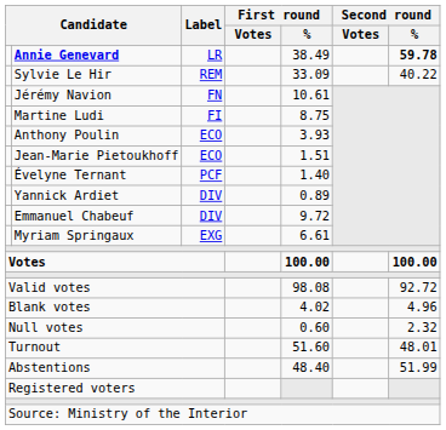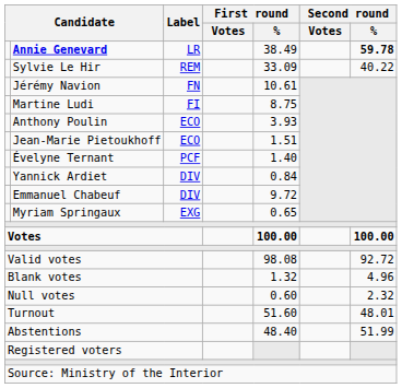 <table class="wikitable" style="text-align:right;font-size:95%;">
 <tr>
 <th rowspan="2" colspan="2">Candidate</th>
 <th rowspan="2">Label</th>
 <th colspan="2">First round</th>
 <th colspan="2">Second round</th>
 </tr>
 <tr>
 <th style="width:50px;">Votes</th>
 <th style="width:45px;">%</th>
 <th style="width:50px;">Votes</th>
 <th style="width:45px;">%</th>
 </tr>
 <tr>
 <td style="color:inherit;background:"></td>
 <td style="text-align:left;"><strong><a href='#'>Annie Genevard</a></strong></td>
 <td><a href='#'>LR</a></td>
 <td></td>
 <td>38.49</td>
 <td><strong></strong></td>
 <td><strong>59.78</strong></td>
 </tr>
 <tr>
 <td style="color:inherit;background:"></td>
 <td style="text-align:left;">Sylvie Le Hir</td>
 <td><a href='#'>REM</a></td>
 <td></td>
 <td>33.09</td>
 <td></td>
 <td>40.22</td>
 </tr>
 <tr>
 <td style="color:inherit;background:"></td>
 <td style="text-align:left;">Jérémy Navion</td>
 <td><a href='#'>FN</a></td>
 <td></td>
 <td>10.61</td>
 <td colspan="2" rowspan="8" style="background:#E9E9E9;"></td>
 </tr>
 <tr>
 <td style="color:inherit;background:"></td>
 <td style="text-align:left;">Martine Ludi</td>
 <td><a href='#'>FI</a></td>
 <td></td>
 <td>8.75</td>
 </tr>
 <tr>
 <td style="color:inherit;background:"></td>
 <td style="text-align:left;">Anthony Poulin</td>
 <td><a href='#'>ECO</a></td>
 <td></td>
 <td>3.93</td>
 </tr>
 <tr>
 <td style="color:inherit;background:"></td>
 <td style="text-align:left;">Jean-Marie Pietoukhoff</td>
 <td><a href='#'>ECO</a></td>
 <td></td>
 <td>1.51</td>
 </tr>
 <tr>
 <td style="color:inherit;background:"></td>
 <td style="text-align:left;">Évelyne Ternant</td>
 <td><a href='#'>PCF</a></td>
 <td></td>
 <td>1.40</td>
 </tr>
 <tr>
 <td style="color:inherit;background:"></td>
 <td style="text-align:left;">Yannick Ardiet</td>
 <td><a href='#'>DIV</a></td>
 <td></td>
-<td>0.89</td>
+<td>0.84</td>
 </tr>
 <tr>
 <td style="color:inherit;background:"></td>
 <td style="text-align:left;">Emmanuel Chabeuf</td>
 <td><a href='#'>DIV</a></td>
 <td></td>
 <td>9.72</td>
 </tr>
 <tr>
 <td style="color:inherit;background:"></td>
 <td style="text-align:left;">Myriam Springaux</td>
 <td><a href='#'>EXG</a></td>
 <td></td>
-<td>6.61</td>
+<td>0.65</td>
 </tr>
 <tr>
 <td colspan="7" style="background:#E9E9E9;"></td>
 </tr>
 <tr style="font-weight:bold;">
 <td colspan="3" style="text-align:left;">Votes</td>
 <td></td>
 <td>100.00</td>
 <td></td>
 <td>100.00</td>
 </tr>
 <tr>
 <td colspan="7" style="background:#E9E9E9;"></td>
 </tr>
 <tr>
 <td colspan="3" style="text-align:left;">Valid votes</td>
 <td></td>
 <td>98.08</td>
 <td></td>
 <td>92.72</td>
 </tr>
 <tr>
 <td colspan="3" style="text-align:left;">Blank votes</td>
 <td></td>
-<td>4.02</td>
+<td>1.32</td>
 <td></td>
 <td>4.96</td>
 </tr>
 <tr>
 <td colspan="3" style="text-align:left;">Null votes</td>
 <td></td>
 <td>0.60</td>
 <td></td>
 <td>2.32</td>
 </tr>
 <tr>
 <td colspan="3" style="text-align:left;">Turnout</td>
 <td></td>
 <td>51.60</td>
 <td></td>
 <td>48.01</td>
 </tr>
 <tr>
 <td colspan="3" style="text-align:left;">Abstentions</td>
 <td></td>
 <td>48.40</td>
 <td></td>
 <td>51.99</td>
 </tr>
 <tr>
 <td colspan="3" style="text-align:left;">Registered voters</td>
 <td></td>
 <td style="color:inherit;background:#E9E9E9;"></td>
 <td></td>
 <td style="color:inherit;background:#E9E9E9;"></td>
 </tr>
 <tr>
 <td colspan="7" style="background:#E9E9E9;"></td>
 </tr>
 <tr>
 <td colspan="7" style="text-align:left;">Source: Ministry of the Interior</td>
 </tr>
 </table>
